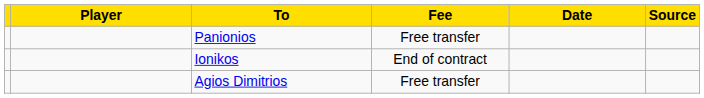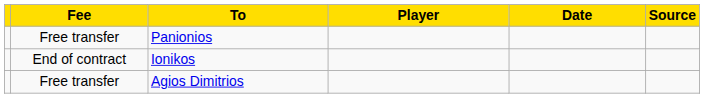 <table class="wikitable sortable">
 <tr>
 <th style="background:#FFDE00"></th>
+<th width=150 style="background:#FFDE00">Fee</th>
+<th width=200 style="background:#FFDE00">To</th>
 <th width=200 style="background:#FFDE00">Player</th>
-<th width=200 style="background:#FFDE00">To</th>
-<th width=150 style="background:#FFDE00">Fee</th>
 <th width=150 style="background:#FFDE00">Date</th>
 <th style="background:#FFDE00">Source</th>
 </tr>
 <tr>
 <td align=center></td>
+<td align=center>Free transfer</td>
+<td> <a href='#'>Panionios</a></td>
 <td></td>
-<td> <a href='#'>Panionios</a></td>
-<td align=center>Free transfer</td>
 <td align=center></td>
 <td align=center></td>
 </tr>
 <tr>
 <td align=center></td>
+<td align=center>End of contract</td>
+<td> <a href='#'>Ionikos</a></td>
 <td></td>
-<td> <a href='#'>Ionikos</a></td>
-<td align=center>End of contract</td>
 <td align=center></td>
 <td align=center></td>
 </tr>
 <tr>
 <td align=center></td>
+<td align=center>Free transfer</td>
+<td> <a href='#'>Agios Dimitrios</a></td>
 <td></td>
-<td> <a href='#'>Agios Dimitrios</a></td>
-<td align=center>Free transfer</td>
 <td align=center></td>
 <td align=center></td>
 </tr>
 </table>
